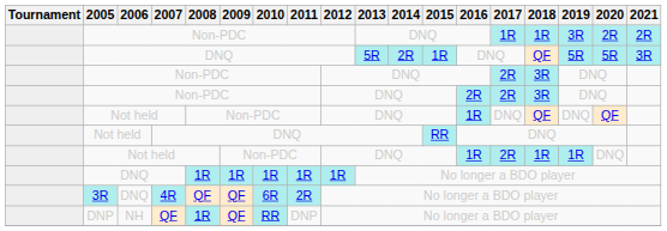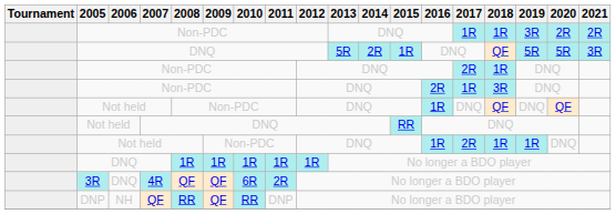 <table class="wikitable" style="width:50%; margin:0">
 <tr>
 <th>Tournament</th>
 <th>2005</th>
 <th>2006</th>
 <th>2007</th>
 <th>2008</th>
 <th>2009</th>
 <th>2010</th>
 <th>2011</th>
 <th>2012</th>
 <th>2013</th>
 <th>2014</th>
 <th>2015</th>
 <th>2016</th>
 <th>2017</th>
 <th>2018</th>
 <th>2019</th>
 <th>2020</th>
 <th>2021</th>
 </tr>
 <tr>
 <td style="background:#efefef;"></td>
 <td colspan="8" style="text-align:center; color:#ccc;">Non-PDC</td>
 <td colspan="4" style="text-align:center; color:#ccc;">DNQ</td>
 <td style="text-align:center; background:#afeeee;"><a href='#'>1R</a></td>
 <td style="text-align:center; background:#afeeee;"><a href='#'>1R</a></td>
 <td style="text-align:center; background:#afeeee;"><a href='#'>3R</a></td>
 <td style="text-align:center; background:#afeeee;"><a href='#'>2R</a></td>
 <td style="text-align:center; background:#afeeee;"><a href='#'>2R</a></td>
 </tr>
 <tr>
 <td style="background:#efefef;"></td>
 <td colspan="8" style="text-align:center; color:#ccc;">DNQ</td>
 <td style="text-align:center; background:#afeeee;"><a href='#'>5R</a></td>
 <td style="text-align:center; background:#afeeee;"><a href='#'>2R</a></td>
 <td style="text-align:center; background:#afeeee;"><a href='#'>1R</a></td>
 <td colspan="2" style="text-align:center; color:#ccc;">DNQ</td>
 <td style="text-align:center; background:#ffebcd;"><a href='#'>QF</a></td>
 <td style="text-align:center; background:#afeeee;"><a href='#'>5R</a></td>
 <td style="text-align:center; background:#afeeee;"><a href='#'>5R</a></td>
 <td style="text-align:center; background:#afeeee;"><a href='#'>3R</a></td>
 </tr>
 <tr>
 <td style="background:#efefef;"></td>
 <td colspan="7" style="text-align:center; color:#ccc;">Non-PDC</td>
 <td colspan="5" style="text-align:center; color:#ccc;">DNQ</td>
 <td style="text-align:center; background:#afeeee;"><a href='#'>2R</a></td>
-<td style="text-align:center; background:#afeeee;"><a href='#'>3R</a></td>
+<td style="text-align:center; background:#afeeee;"><a href='#'>1R</a></td>
 <td colspan="2" style="text-align:center; color:#ccc;">DNQ</td>
 <td></td>
 </tr>
 <tr>
 <td style="background:#efefef;"></td>
 <td colspan="7" style="text-align:center; color:#ccc;">Non-PDC</td>
 <td colspan="4" style="text-align:center; color:#ccc;">DNQ</td>
 <td style="text-align:center; background:#afeeee;"><a href='#'>2R</a></td>
-<td style="text-align:center; background:#afeeee;"><a href='#'>2R</a></td>
+<td style="text-align:center; background:#afeeee;"><a href='#'>1R</a></td>
 <td style="text-align:center; background:#afeeee;"><a href='#'>3R</a></td>
 <td colspan="2" style="text-align:center; color:#ccc;">DNQ</td>
 <td></td>
 </tr>
 <tr>
 <td style="background:#efefef;"></td>
 <td colspan="3" style="text-align:center; color:#ccc;">Not held</td>
 <td colspan="4" style="text-align:center; color:#ccc;">Non-PDC</td>
 <td colspan="4" style="text-align:center; color:#ccc;">DNQ</td>
 <td style="text-align:center; background:#afeeee;"><a href='#'>1R</a></td>
 <td style="text-align:center; color:#ccc;">DNQ</td>
 <td style="text-align:center; background:#ffebcd;"><a href='#'>QF</a></td>
 <td style="text-align:center; color:#ccc;">DNQ</td>
 <td style="text-align:center; background:#ffebcd;"><a href='#'>QF</a></td>
 <td></td>
 </tr>
 <tr>
 <td style="background:#efefef;"></td>
 <td colspan="2" style="text-align:center; color:#ccc;">Not held</td>
 <td colspan="8" style="text-align:center; color:#ccc;">DNQ</td>
 <td style="text-align:center; background:#afeeee;"><a href='#'>RR</a></td>
 <td colspan="5" style="text-align:center; color:#ccc;">DNQ</td>
 <td></td>
 </tr>
 <tr>
 <td style="background:#efefef;"></td>
 <td colspan="4" style="text-align:center; color:#ccc;">Not held</td>
 <td colspan="3" style="text-align:center; color:#ccc;">Non-PDC</td>
 <td colspan="4" style="text-align:center; color:#ccc;">DNQ</td>
 <td style="text-align:center; background:#afeeee;"><a href='#'>1R</a></td>
 <td style="text-align:center; background:#afeeee;"><a href='#'>2R</a></td>
 <td style="text-align:center; background:#afeeee;"><a href='#'>1R</a></td>
 <td style="text-align:center; background:#afeeee;"><a href='#'>1R</a></td>
 <td style="text-align:center; color:#ccc;">DNQ</td>
 <td></td>
 </tr>
 <tr>
 <td style="background:#efefef;"></td>
 <td colspan="3" style="text-align:center; color:#ccc;">DNQ</td>
 <td style="text-align:center; background:#afeeee;"><a href='#'>1R</a></td>
 <td style="text-align:center; background:#afeeee;"><a href='#'>1R</a></td>
 <td style="text-align:center; background:#afeeee;"><a href='#'>1R</a></td>
 <td style="text-align:center; background:#afeeee;"><a href='#'>1R</a></td>
 <td style="text-align:center; background:#afeeee;"><a href='#'>1R</a></td>
 <td colspan="9" style="text-align:center; color:#ccc;">No longer a BDO player</td>
 </tr>
 <tr>
 <td style="background:#efefef;"></td>
 <td style="text-align:center; background:#afeeee;"><a href='#'>3R</a></td>
 <td style="text-align:center; color:#ccc;">DNQ</td>
 <td style="text-align:center; background:#afeeee;"><a href='#'>4R</a></td>
 <td style="text-align:center; background:#ffebcd;"><a href='#'>QF</a></td>
 <td style="text-align:center; background:#ffebcd;"><a href='#'>QF</a></td>
 <td style="text-align:center; background:#afeeee;"><a href='#'>6R</a></td>
 <td style="text-align:center; background:#afeeee;"><a href='#'>2R</a></td>
 <td colspan="10" style="text-align:center; color:#ccc;">No longer a BDO player</td>
 </tr>
 <tr>
 <td style="background:#efefef;"></td>
 <td style="text-align:center; color:#ccc;">DNP</td>
 <td style="text-align:center; color:#ccc;">NH</td>
 <td style="text-align:center; background:#ffebcd;"><a href='#'>QF</a></td>
-<td style="text-align:center; background:#afeeee;"><a href='#'>1R</a></td>
+<td style="text-align:center; background:#afeeee;"><a href='#'>RR</a></td>
 <td style="text-align:center; background:#ffebcd;"><a href='#'>QF</a></td>
 <td style="text-align:center; background:#afeeee;"><a href='#'>RR</a></td>
 <td style="text-align:center; color:#ccc;">DNP</td>
 <td colspan="10" style="text-align:center; color:#ccc;">No longer a BDO player</td>
 </tr>
 <tr>
 </tr>
 </table>
